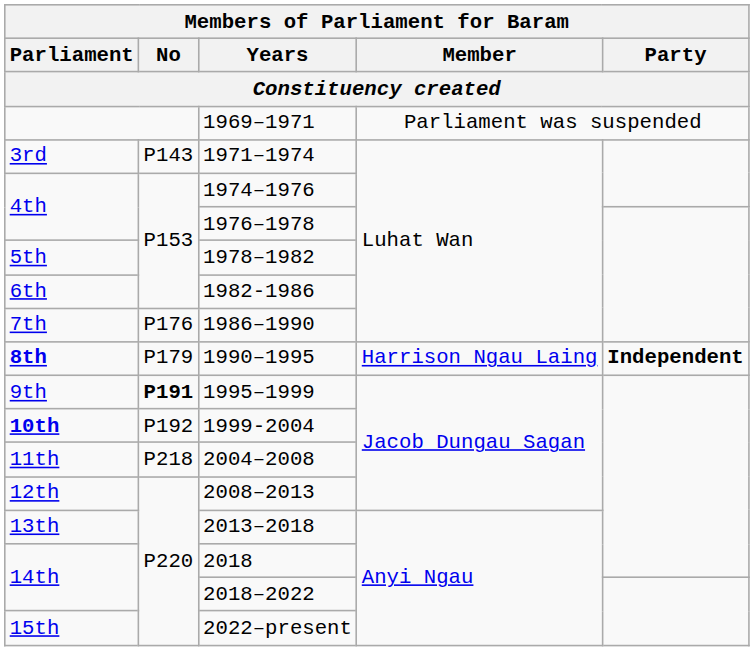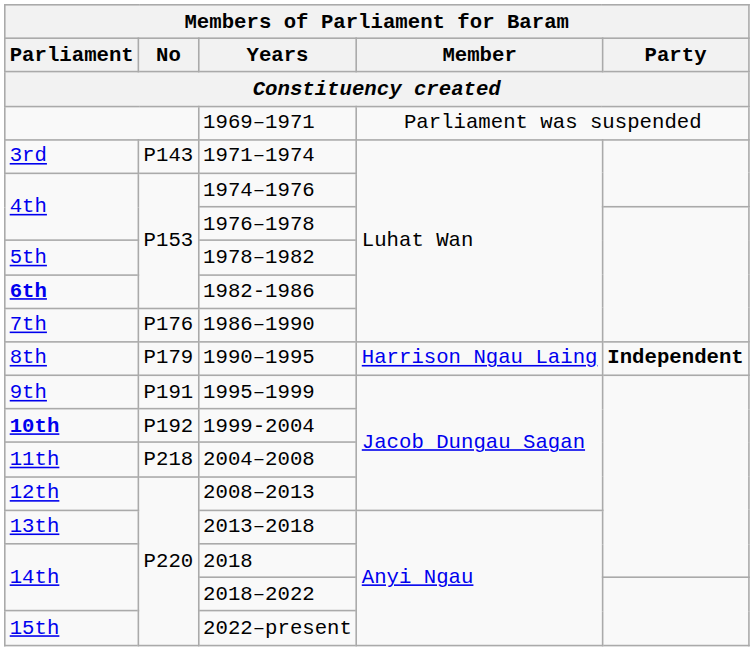 <table class=wikitable>
 <tr>
 <th colspan="5">Members of Parliament for Baram</th>
 </tr>
 <tr>
 <th>Parliament</th>
 <th>No</th>
 <th>Years</th>
 <th>Member</th>
 <th>Party</th>
 </tr>
 <tr>
 <th colspan="5" align="center"><em>Constituency created</em></th>
 </tr>
 <tr>
 <td colspan="2"></td>
 <td>1969–1971</td>
 <td colspan=2 align=center>Parliament was suspended</td>
 </tr>
 <tr>
 <td><a href='#'>3rd</a></td>
 <td>P143</td>
 <td>1971–1974</td>
 <td rowspan=6>Luhat Wan</td>
 <td rowspan=2></td>
 </tr>
 <tr>
 <td rowspan=2><a href='#'>4th</a></td>
 <td rowspan="4">P153</td>
 <td>1974–1976</td>
 </tr>
 <tr>
 <td>1976–1978</td>
 <td rowspan=4></td>
 </tr>
 <tr>
 <td><a href='#'>5th</a></td>
 <td>1978–1982</td>
 </tr>
 <tr>
-<td><a href='#'>6th</a></td>
+<td><strong><a href='#'>6th</a></strong></td>
 <td>1982-1986</td>
 </tr>
 <tr>
 <td><a href='#'>7th</a></td>
 <td>P176</td>
 <td>1986–1990</td>
 </tr>
 <tr>
-<td><strong><a href='#'>8th</a></strong></td>
+<td><a href='#'>8th</a></td>
 <td>P179</td>
 <td>1990–1995</td>
 <td><a href='#'>Harrison Ngau Laing</a></td>
 <td><strong>Independent</strong></td>
 </tr>
 <tr>
 <td><a href='#'>9th</a></td>
-<td><strong>P191</strong></td>
+<td>P191</td>
 <td>1995–1999</td>
 <td rowspan=4><a href='#'>Jacob Dungau Sagan</a></td>
 <td rowspan=6></td>
 </tr>
 <tr>
 <td><strong><a href='#'>10th</a></strong></td>
 <td>P192</td>
 <td>1999-2004</td>
 </tr>
 <tr>
 <td><a href='#'>11th</a></td>
 <td>P218</td>
 <td>2004–2008</td>
 </tr>
 <tr>
 <td><a href='#'>12th</a></td>
 <td rowspan="5">P220</td>
 <td>2008–2013</td>
 </tr>
 <tr>
 <td><a href='#'>13th</a></td>
 <td>2013–2018</td>
 <td rowspan=4><a href='#'>Anyi Ngau</a></td>
 </tr>
 <tr>
 <td rowspan=2><a href='#'>14th</a></td>
 <td>2018</td>
 </tr>
 <tr>
 <td>2018–2022</td>
 <td rowspan=2></td>
 </tr>
 <tr>
 <td><a href='#'>15th</a></td>
 <td>2022–present</td>
 </tr>
 </table>
